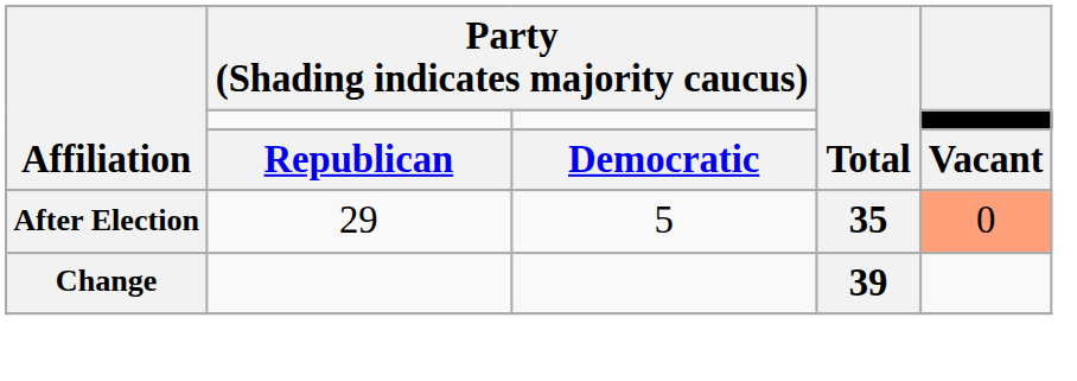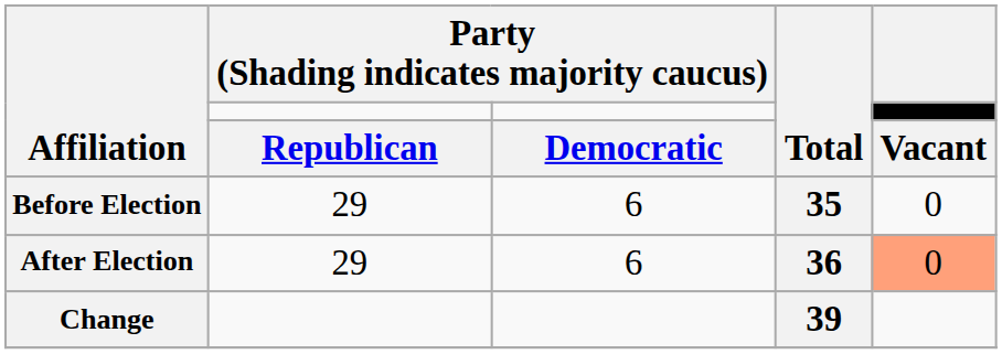 <table class=wikitable style="text-align:center">
 <tr style="vertical-align:bottom;">
 <th rowspan=3>Affiliation</th>
 <th colspan=2>Party <div>(Shading indicates majority caucus)</div></th>
 <th rowspan=3>Total</th>
 <th></th>
 </tr>
 <tr style="height:5px">
 <td style="background-color:"></td>
 <td style="background-color:"></td>
 <td style="background: black"></td>
 </tr>
 <tr>
 <th><a href='#'>Republican</a></th>
 <th><a href='#'>Democratic</a></th>
 <th>Vacant</th>
 </tr>
 <tr>
+<th nowrap style="font-size:80%">Before Election</th>
+<td>29</td>
+<td>6</td>
+<th>35</th>
+<td>0</td>
+</tr>
+<tr>
 <th nowrap style="font-size:80%">After Election</th>
 <td>29</td>
-<td>5</td>
-<th>35</th>
+<td>6</td>
+<th>36</th>
 <td style="background: lightsalmon;">0</td>
 </tr>
 <tr>
 <th nowrap style="font-size:80%">Change</th>
 <td></td>
 <td></td>
 <th>39</th>
 <td></td>
 </tr>
 <tr>
 </tr>
 </table>
